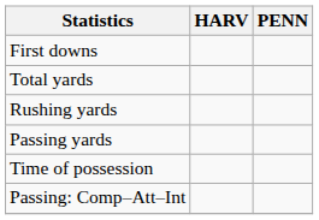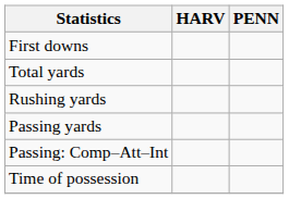 <table class="wikitable" style="float: left;">
 <tr>
 <th>Statistics</th>
 <th>HARV</th>
 <th>PENN</th>
 </tr>
 <tr>
 <td>First downs</td>
 <td></td>
 <td></td>
 </tr>
 <tr>
 <td>Total yards</td>
 <td></td>
 <td></td>
 </tr>
 <tr>
 <td>Rushing yards</td>
 <td></td>
 <td></td>
 </tr>
 <tr>
 <td>Passing yards</td>
 <td></td>
 <td></td>
 </tr>
 <tr>
-<td>Time of possession</td>
+<td>Passing: Comp–Att–Int</td>
 <td></td>
 <td></td>
 </tr>
 <tr>
-<td>Passing: Comp–Att–Int</td>
+<td>Time of possession</td>
 <td></td>
 <td></td>
 </tr>
 <tr>
 </tr>
 </table>
